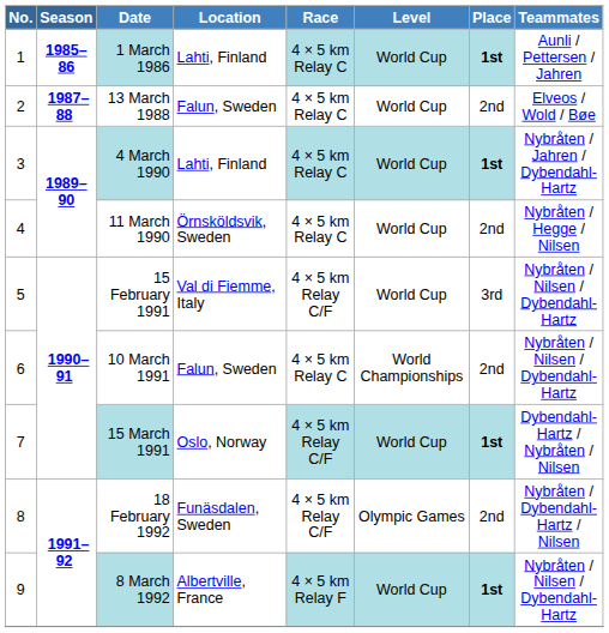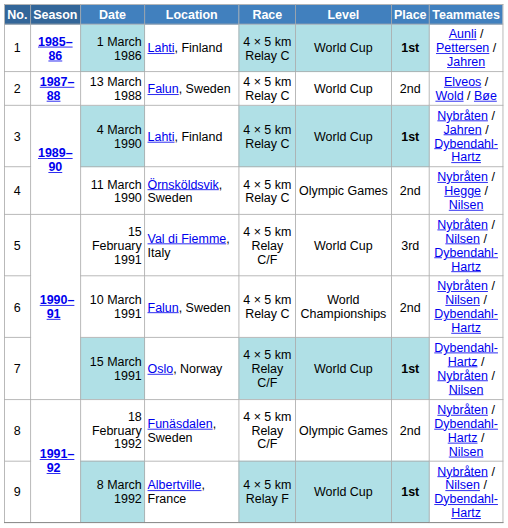 <table class="wikitable sortable" style="font-size:95%; text-align:center; border:grey solid 1px; border-collapse:collapse; background:#ffffff;">
 <tr style="background:#efefef;">
 <th style="background-color:#369; color:white;">No.</th>
 <th style="background-color:#369; color:white;">Season</th>
 <th style="background-color:#4180be; color:white; width:120px;">Date</th>
 <th style="background-color:#4180be; color:white; width:185px;">Location</th>
 <th style="background-color:#4180be; color:white; width:170px;">Race</th>
 <th style="background-color:#4180be; color:white; width:130px;">Level</th>
 <th style="background-color:#4180be; color:white;">Place</th>
 <th style="background-color:#4180be; color:white;">Teammates</th>
 </tr>
 <tr>
 <td align=center>1</td>
 <td rowspan=1 align=center><strong><a href='#'>1985–86</a></strong></td>
 <td bgcolor="#BOEOE6" align=right>1 March 1986</td>
 <td align=left> <a href='#'>Lahti</a>, Finland</td>
 <td bgcolor="#BOEOE6">4 × 5 km Relay C</td>
 <td bgcolor="#BOEOE6">World Cup</td>
 <td bgcolor="#BOEOE6"><strong>1st</strong></td>
 <td><a href='#'>Aunli</a> / <a href='#'>Pettersen</a> / <a href='#'>Jahren</a></td>
 </tr>
 <tr>
 <td align=center>2</td>
 <td rowspan=1 align=center><strong> <a href='#'>1987–88</a> </strong></td>
 <td align=right>13 March 1988</td>
 <td align=left> <a href='#'>Falun</a>, Sweden</td>
 <td>4 × 5 km Relay C</td>
 <td>World Cup</td>
 <td>2nd</td>
 <td><a href='#'>Elveos</a> / <a href='#'>Wold</a> / <a href='#'>Bøe</a></td>
 </tr>
 <tr>
 <td align=center>3</td>
 <td rowspan=2 align=center><strong><a href='#'>1989–90</a></strong></td>
 <td bgcolor="#BOEOE6" align=right>4 March 1990</td>
 <td align=left> <a href='#'>Lahti</a>, Finland</td>
 <td bgcolor="#BOEOE6">4 × 5 km Relay C</td>
 <td bgcolor="#BOEOE6">World Cup</td>
 <td bgcolor="#BOEOE6"><strong>1st</strong></td>
 <td><a href='#'>Nybråten</a> / <a href='#'>Jahren</a> / <a href='#'>Dybendahl-Hartz</a></td>
 </tr>
 <tr>
 <td align=center>4</td>
 <td align=right>11 March 1990</td>
 <td align=left> <a href='#'>Örnsköldsvik</a>, Sweden</td>
 <td>4 × 5 km Relay C</td>
-<td>World Cup</td>
+<td>Olympic Games</td>
 <td>2nd</td>
 <td><a href='#'>Nybråten</a> / <a href='#'>Hegge</a> / <a href='#'>Nilsen</a></td>
 </tr>
 <tr>
 <td align=center>5</td>
 <td rowspan=3 align=center><strong> <a href='#'>1990–91</a> </strong></td>
 <td align=right>15 February 1991</td>
 <td align=left> <a href='#'>Val di Fiemme</a>, Italy</td>
 <td>4 × 5 km Relay C/F</td>
 <td>World Cup</td>
 <td>3rd</td>
 <td><a href='#'>Nybråten</a> / <a href='#'>Nilsen</a> / <a href='#'>Dybendahl-Hartz</a></td>
 </tr>
 <tr>
 <td align=center>6</td>
 <td align=right>10 March 1991</td>
 <td align=left> <a href='#'>Falun</a>, Sweden</td>
 <td>4 × 5 km Relay C</td>
 <td>World Championships</td>
 <td>2nd</td>
 <td><a href='#'>Nybråten</a> / <a href='#'>Nilsen</a> / <a href='#'>Dybendahl-Hartz</a></td>
 </tr>
 <tr>
 <td align=center>7</td>
 <td bgcolor="#BOEOE6" align=right>15 March 1991</td>
 <td align=left> <a href='#'>Oslo</a>, Norway</td>
 <td bgcolor="#BOEOE6">4 × 5 km Relay C/F</td>
 <td bgcolor="#BOEOE6">World Cup</td>
 <td bgcolor="#BOEOE6"><strong>1st</strong></td>
 <td><a href='#'>Dybendahl-Hartz</a> / <a href='#'>Nybråten</a> / <a href='#'>Nilsen</a></td>
 </tr>
 <tr>
 <td align=center>8</td>
 <td rowspan=2 align=center><strong> <a href='#'>1991–92</a> </strong></td>
 <td align=right>18 February 1992</td>
 <td align=left> <a href='#'>Funäsdalen</a>, Sweden</td>
 <td>4 × 5 km Relay C/F</td>
 <td>Olympic Games</td>
 <td>2nd</td>
 <td><a href='#'>Nybråten</a> / <a href='#'>Dybendahl-Hartz</a> / <a href='#'>Nilsen</a></td>
 </tr>
 <tr>
 <td align=center>9</td>
 <td bgcolor="#BOEOE6" align=right>8 March 1992</td>
 <td align=left> <a href='#'>Albertville</a>, France</td>
 <td bgcolor="#BOEOE6">4 × 5 km Relay F</td>
 <td bgcolor="#BOEOE6">World Cup</td>
 <td bgcolor="#BOEOE6"><strong>1st</strong></td>
 <td><a href='#'>Nybråten</a> / <a href='#'>Nilsen</a> / <a href='#'>Dybendahl-Hartz</a></td>
 </tr>
 <tr>
 </tr>
 </table>
